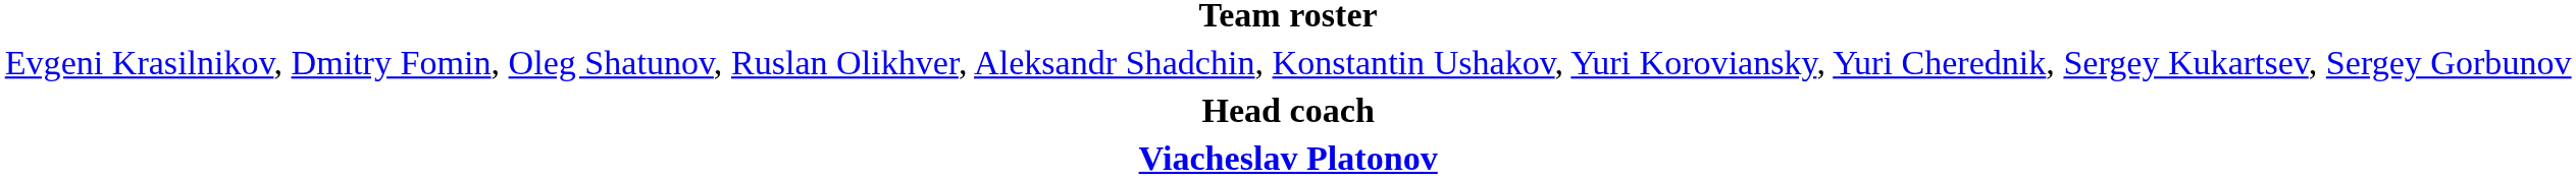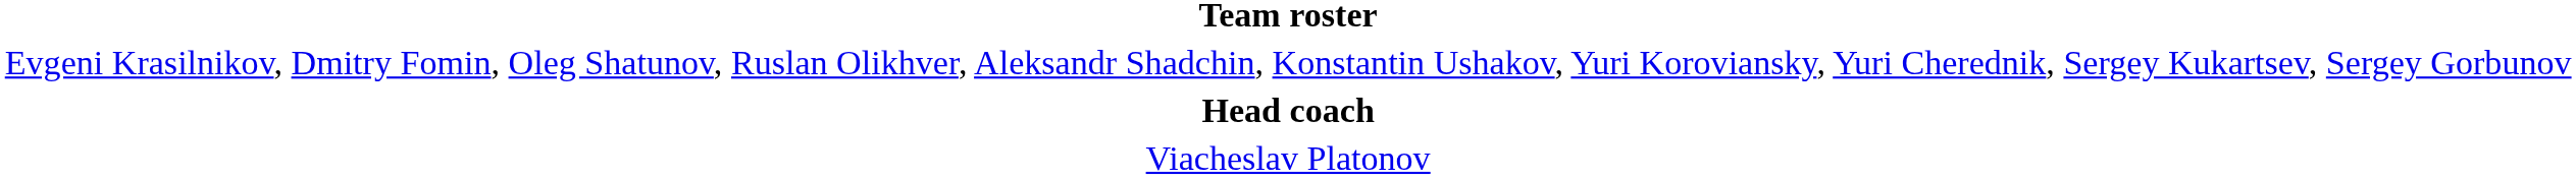 <table style="text-align:center; margin-top:2em; margin-left:auto; margin-right:auto">
 <tr>
 <td><strong>Team roster</strong></td>
 </tr>
 <tr>
 <td><a href='#'>Evgeni Krasilnikov</a>, <a href='#'>Dmitry Fomin</a>, <a href='#'>Oleg Shatunov</a>, <a href='#'>Ruslan Olikhver</a>, <a href='#'>Aleksandr Shadchin</a>, <a href='#'>Konstantin Ushakov</a>, <a href='#'>Yuri Koroviansky</a>, <a href='#'>Yuri Cherednik</a>, <a href='#'>Sergey Kukartsev</a>, <a href='#'>Sergey Gorbunov</a></td>
 </tr>
 <tr>
 <td><strong>Head coach</strong></td>
 </tr>
 <tr>
-<td><strong><a href='#'>Viacheslav Platonov</a></strong></td>
+<td><a href='#'>Viacheslav Platonov</a></td>
 </tr>
 <tr>
 </tr>
 </table>
